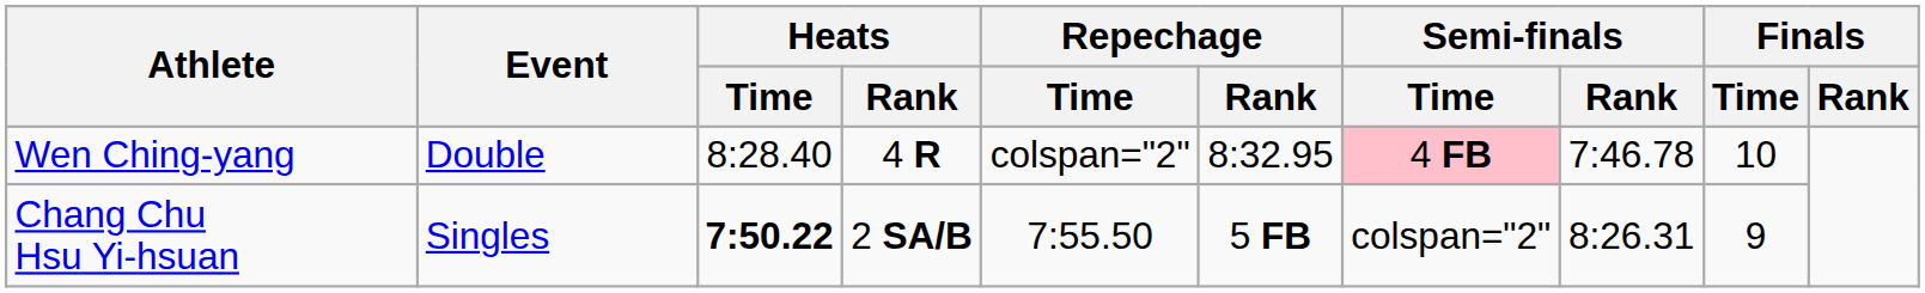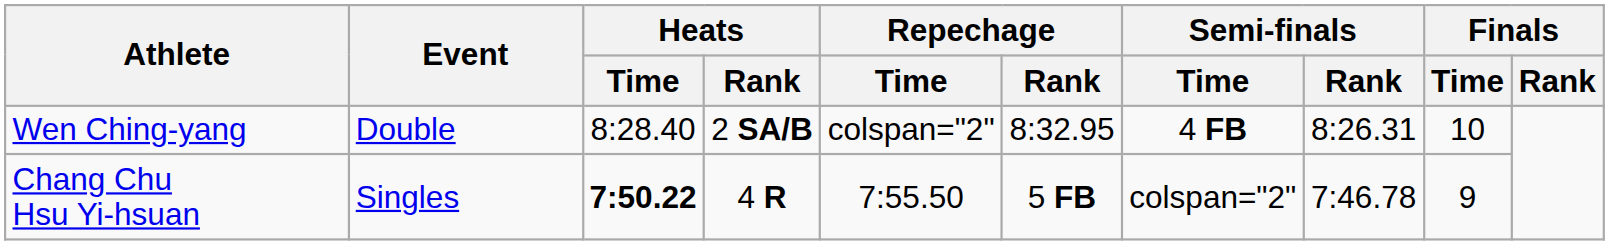 <table class="wikitable" style="font-size:90%; text-align:center">
 <tr>
 <th rowspan="2" width="150">Athlete</th>
 <th rowspan="2" width="100">Event</th>
 <th colspan="2">Heats</th>
 <th colspan="2">Repechage</th>
 <th colspan="2">Semi-finals</th>
 <th colspan="2">Finals</th>
 </tr>
 <tr>
 <th>Time</th>
 <th>Rank</th>
 <th>Time</th>
 <th>Rank</th>
 <th>Time</th>
 <th>Rank</th>
 <th>Time</th>
 <th>Rank</th>
 </tr>
 <tr>
 <td align="left"><a href='#'>Wen Ching-yang</a></td>
 <td align="left"><a href='#'>Double</a></td>
 <td>8:28.40</td>
-<td>4 <strong>R</strong></td>
+<td>2 <strong>SA/B</strong></td>
 <td>colspan="2" </td>
 <td>8:32.95</td>
-<td style="background: pink;">4 <strong>FB</strong></td>
-<td>7:46.78</td>
+<td>4 <strong>FB</strong></td>
+<td>8:26.31</td>
 <td>10</td>
 </tr>
 <tr>
 <td align="left"><a href='#'>Chang Chu</a><br><a href='#'>Hsu Yi-hsuan</a></td>
 <td align="left"><a href='#'>Singles</a></td>
 <td><strong>7:50.22</strong></td>
-<td>2 <strong>SA/B</strong></td>
+<td>4 <strong>R</strong></td>
 <td>7:55.50</td>
 <td>5 <strong>FB</strong></td>
 <td>colspan="2" </td>
-<td>8:26.31</td>
+<td>7:46.78</td>
 <td>9</td>
 </tr>
 </table>
